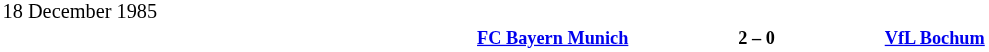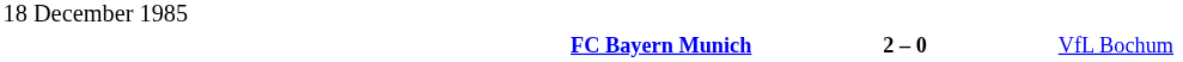 <table width=100% cellspacing=1>
 <tr>
 <th width=25%></th>
 <th width=10%></th>
 <th width=25%></th>
 <th></th>
 </tr>
 <tr>
 <td>18 December 1985</td>
 </tr>
 <tr style=font-size:90%>
 <td align=right><strong><a href='#'>FC Bayern Munich</a></strong></td>
 <td align=center><strong>2 – 0</strong></td>
-<td><strong><a href='#'>VfL Bochum</a></strong></td>
+<td><a href='#'>VfL Bochum</a></td>
 </tr>
 </table>
